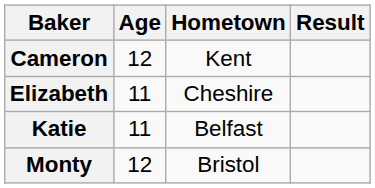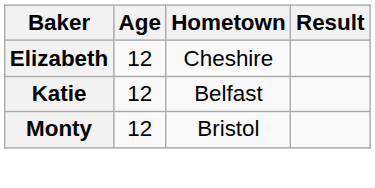 <table class="wikitable sortable" style="display:inline-table; text-align:center">
 <tr>
 <th scope="col">Baker</th>
 <th scope="col">Age</th>
 <th scope="col">Hometown</th>
 <th scope="col">Result</th>
 </tr>
 <tr>
-<th scope="row">Cameron</th>
+<th scope="row">Elizabeth</th>
 <td>12</td>
-<td>Kent</td>
-<td></td>
-</tr>
-<tr>
-<th scope="row">Elizabeth</th>
-<td>11</td>
 <td>Cheshire</td>
 <td></td>
 </tr>
 <tr>
 <th scope="row">Katie</th>
-<td>11</td>
+<td>12</td>
 <td>Belfast</td>
 <td></td>
 </tr>
 <tr>
 <th scope="row">Monty</th>
 <td>12</td>
 <td>Bristol</td>
 <td></td>
 </tr>
 </table>
